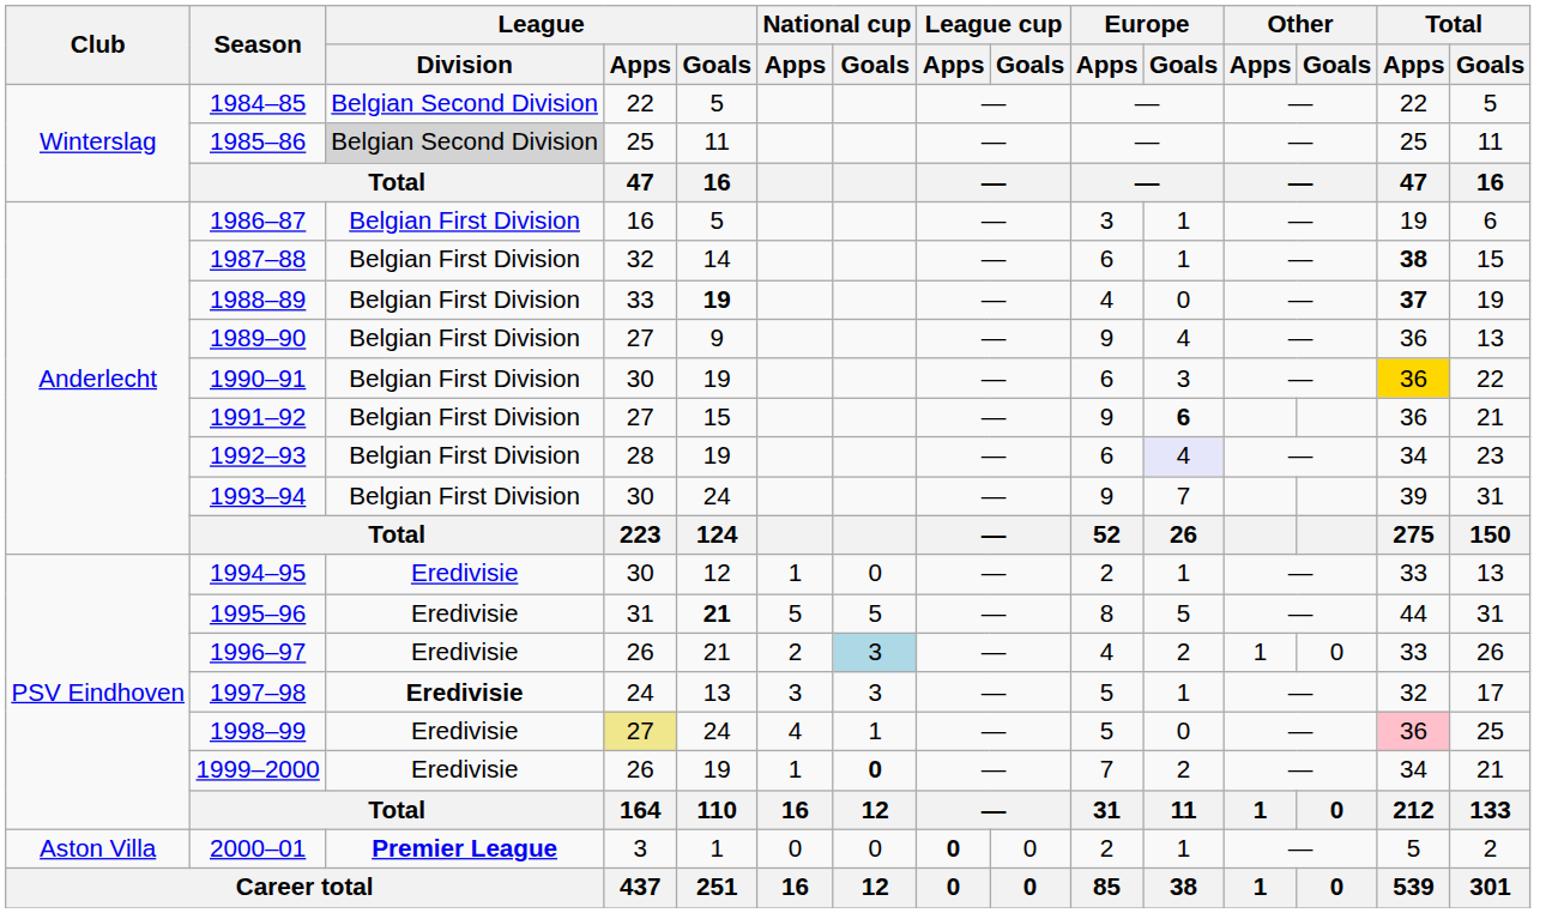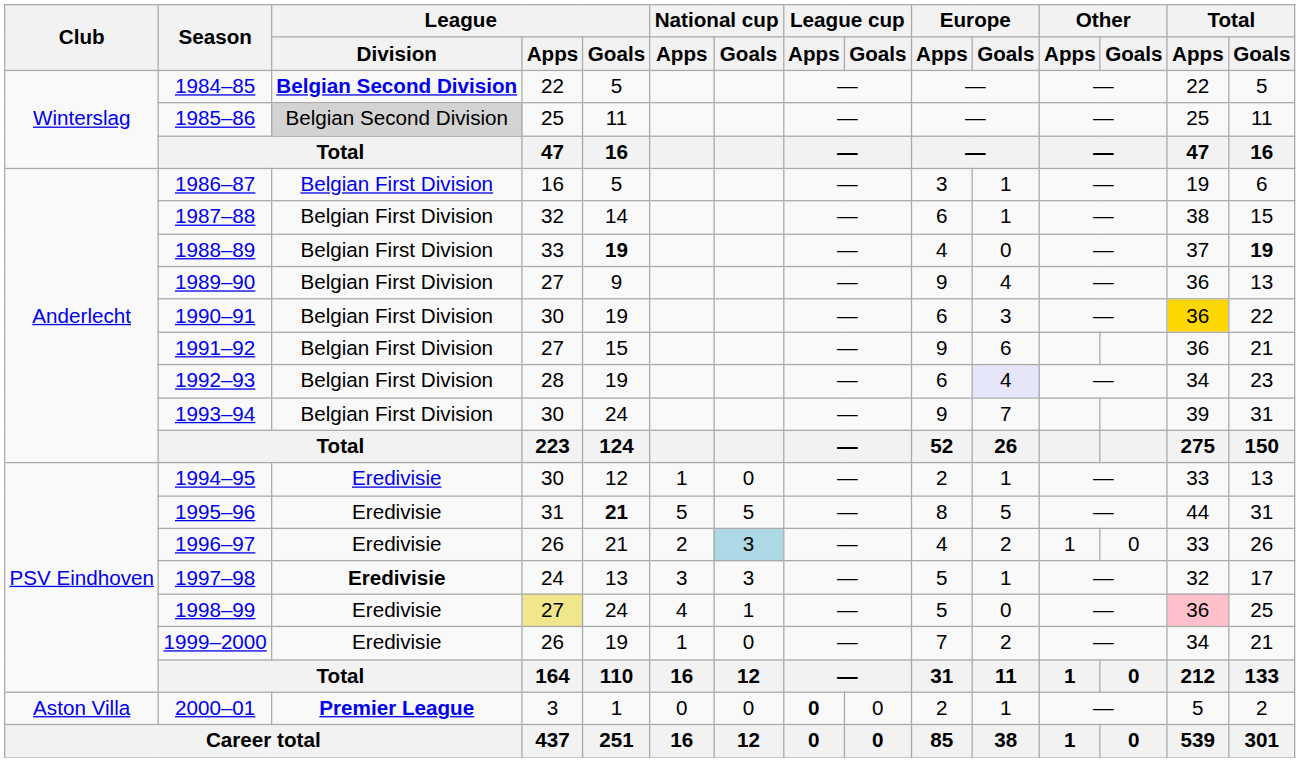 <table class="wikitable" style="text-align:center;">
 <tr>
 <th rowspan="2">Club</th>
 <th rowspan="2">Season</th>
 <th colspan="3">League</th>
 <th colspan="2">National cup</th>
 <th colspan="2">League cup</th>
 <th colspan="2">Europe</th>
 <th colspan="2">Other</th>
 <th colspan="2">Total</th>
 </tr>
 <tr>
 <th>Division</th>
 <th>Apps</th>
 <th>Goals</th>
 <th>Apps</th>
 <th>Goals</th>
 <th>Apps</th>
 <th>Goals</th>
 <th>Apps</th>
 <th>Goals</th>
 <th>Apps</th>
 <th>Goals</th>
 <th>Apps</th>
 <th>Goals</th>
 </tr>
 <tr>
 <td rowspan="3"><a href='#'>Winterslag</a></td>
 <td><a href='#'>1984–85</a></td>
-<td><a href='#'>Belgian Second Division</a></td>
+<td><strong><a href='#'>Belgian Second Division</a></strong></td>
 <td>22</td>
 <td>5</td>
 <td></td>
 <td></td>
 <td colspan="2">—</td>
 <td colspan="2">—</td>
 <td colspan="2">—</td>
 <td>22</td>
 <td>5</td>
 </tr>
 <tr>
 <td><a href='#'>1985–86</a></td>
 <td style="background: lightgrey;">Belgian Second Division</td>
 <td>25</td>
 <td>11</td>
 <td></td>
 <td></td>
 <td colspan="2">—</td>
 <td colspan="2">—</td>
 <td colspan="2">—</td>
 <td>25</td>
 <td>11</td>
 </tr>
 <tr>
 <th colspan="2">Total</th>
 <th>47</th>
 <th>16</th>
 <th></th>
 <th></th>
 <th colspan="2">—</th>
 <th colspan="2">—</th>
 <th colspan="2">—</th>
 <th>47</th>
 <th>16</th>
 </tr>
 <tr>
 <td rowspan="9"><a href='#'>Anderlecht</a></td>
 <td><a href='#'>1986–87</a></td>
 <td><a href='#'>Belgian First Division</a></td>
 <td>16</td>
 <td>5</td>
 <td></td>
 <td></td>
 <td colspan="2">—</td>
 <td>3</td>
 <td>1</td>
 <td colspan="2">—</td>
 <td>19</td>
 <td>6</td>
 </tr>
 <tr>
 <td><a href='#'>1987–88</a></td>
 <td>Belgian First Division</td>
 <td>32</td>
 <td>14</td>
 <td></td>
 <td></td>
 <td colspan="2">—</td>
 <td>6</td>
 <td>1</td>
 <td colspan="2">—</td>
-<td><strong>38</strong></td>
+<td>38</td>
 <td>15</td>
 </tr>
 <tr>
 <td><a href='#'>1988–89</a></td>
 <td>Belgian First Division</td>
 <td>33</td>
 <td><strong>19</strong></td>
 <td></td>
 <td></td>
 <td colspan="2">—</td>
 <td>4</td>
 <td>0</td>
 <td colspan="2">—</td>
-<td><strong>37</strong></td>
-<td>19</td>
+<td>37</td>
+<td><strong>19</strong></td>
 </tr>
 <tr>
 <td><a href='#'>1989–90</a></td>
 <td>Belgian First Division</td>
 <td>27</td>
 <td>9</td>
 <td></td>
 <td></td>
 <td colspan="2">—</td>
 <td>9</td>
 <td>4</td>
 <td colspan="2">—</td>
 <td>36</td>
 <td>13</td>
 </tr>
 <tr>
 <td><a href='#'>1990–91</a></td>
 <td>Belgian First Division</td>
 <td>30</td>
 <td>19</td>
 <td></td>
 <td></td>
 <td colspan="2">—</td>
 <td>6</td>
 <td>3</td>
 <td colspan="2">—</td>
 <td style="background: gold;">36</td>
 <td>22</td>
 </tr>
 <tr>
 <td><a href='#'>1991–92</a></td>
 <td>Belgian First Division</td>
 <td>27</td>
 <td>15</td>
 <td></td>
 <td></td>
 <td colspan="2">—</td>
 <td>9</td>
-<td><strong>6</strong></td>
+<td>6</td>
 <td></td>
 <td></td>
 <td>36</td>
 <td>21</td>
 </tr>
 <tr>
 <td><a href='#'>1992–93</a></td>
 <td>Belgian First Division</td>
 <td>28</td>
 <td>19</td>
 <td></td>
 <td></td>
 <td colspan="2">—</td>
 <td>6</td>
 <td style="background: lavender;">4</td>
 <td colspan="2">—</td>
 <td>34</td>
 <td>23</td>
 </tr>
 <tr>
 <td><a href='#'>1993–94</a></td>
 <td>Belgian First Division</td>
 <td>30</td>
 <td>24</td>
 <td></td>
 <td></td>
 <td colspan="2">—</td>
 <td>9</td>
 <td>7</td>
 <td></td>
 <td></td>
 <td>39</td>
 <td>31</td>
 </tr>
 <tr>
 <th colspan="2">Total</th>
 <th>223</th>
 <th>124</th>
 <th></th>
 <th></th>
 <th colspan="2">—</th>
 <th>52</th>
 <th>26</th>
 <th></th>
 <th></th>
 <th>275</th>
 <th>150</th>
 </tr>
 <tr>
 <td rowspan="7"><a href='#'>PSV Eindhoven</a></td>
 <td><a href='#'>1994–95</a></td>
 <td><a href='#'>Eredivisie</a></td>
 <td>30</td>
 <td>12</td>
 <td>1</td>
 <td>0</td>
 <td colspan="2">—</td>
 <td>2</td>
 <td>1</td>
 <td colspan="2">—</td>
 <td>33</td>
 <td>13</td>
 </tr>
 <tr>
 <td><a href='#'>1995–96</a></td>
 <td>Eredivisie</td>
 <td>31</td>
 <td><strong>21</strong></td>
 <td>5</td>
 <td>5</td>
 <td colspan="2">—</td>
 <td>8</td>
 <td>5</td>
 <td colspan="2">—</td>
 <td>44</td>
 <td>31</td>
 </tr>
 <tr>
 <td><a href='#'>1996–97</a></td>
 <td>Eredivisie</td>
 <td>26</td>
 <td>21</td>
 <td>2</td>
 <td style="background: lightblue;">3</td>
 <td colspan="2">—</td>
 <td>4</td>
 <td>2</td>
 <td>1</td>
 <td>0</td>
 <td>33</td>
 <td>26</td>
 </tr>
 <tr>
 <td><a href='#'>1997–98</a></td>
 <td><strong>Eredivisie</strong></td>
 <td>24</td>
 <td>13</td>
 <td>3</td>
 <td>3</td>
 <td colspan="2">—</td>
 <td>5</td>
 <td>1</td>
 <td colspan="2">—</td>
 <td>32</td>
 <td>17</td>
 </tr>
 <tr>
 <td><a href='#'>1998–99</a></td>
 <td>Eredivisie</td>
 <td style="background: khaki;">27</td>
 <td>24</td>
 <td>4</td>
 <td>1</td>
 <td colspan="2">—</td>
 <td>5</td>
 <td>0</td>
 <td colspan="2">—</td>
 <td style="background: pink;">36</td>
 <td>25</td>
 </tr>
 <tr>
 <td><a href='#'>1999–2000</a></td>
 <td>Eredivisie</td>
 <td>26</td>
 <td>19</td>
 <td>1</td>
-<td><strong>0</strong></td>
+<td>0</td>
 <td colspan="2">—</td>
 <td>7</td>
 <td>2</td>
 <td colspan="2">—</td>
 <td>34</td>
 <td>21</td>
 </tr>
 <tr>
 <th colspan="2">Total</th>
 <th>164</th>
 <th>110</th>
 <th>16</th>
 <th>12</th>
 <th colspan="2">—</th>
 <th>31</th>
 <th>11</th>
 <th>1</th>
 <th>0</th>
 <th>212</th>
 <th>133</th>
 </tr>
 <tr>
 <td><a href='#'>Aston Villa</a></td>
 <td><a href='#'>2000–01</a></td>
 <td><strong><a href='#'>Premier League</a></strong></td>
 <td>3</td>
 <td>1</td>
 <td>0</td>
 <td>0</td>
 <td><strong>0</strong></td>
 <td>0</td>
 <td>2</td>
 <td>1</td>
 <td colspan="2">—</td>
 <td>5</td>
 <td>2</td>
 </tr>
 <tr>
 <th colspan="3">Career total</th>
 <th>437</th>
 <th>251</th>
 <th>16</th>
 <th>12</th>
 <th>0</th>
 <th>0</th>
 <th>85</th>
 <th>38</th>
 <th>1</th>
 <th>0</th>
 <th>539</th>
 <th>301</th>
 </tr>
 </table>
